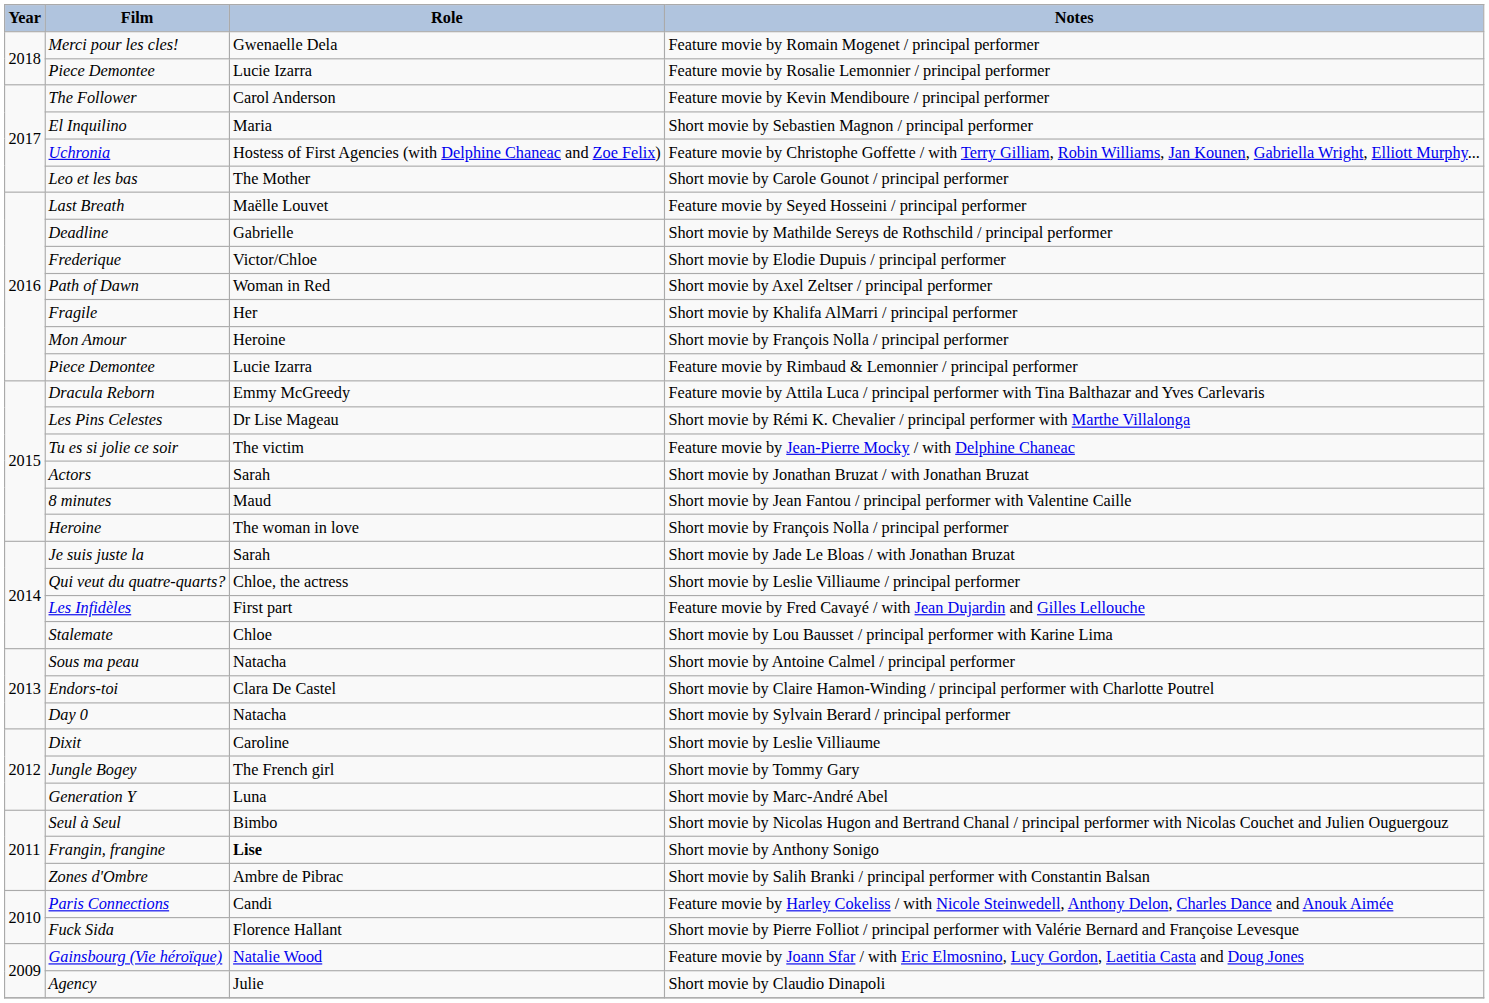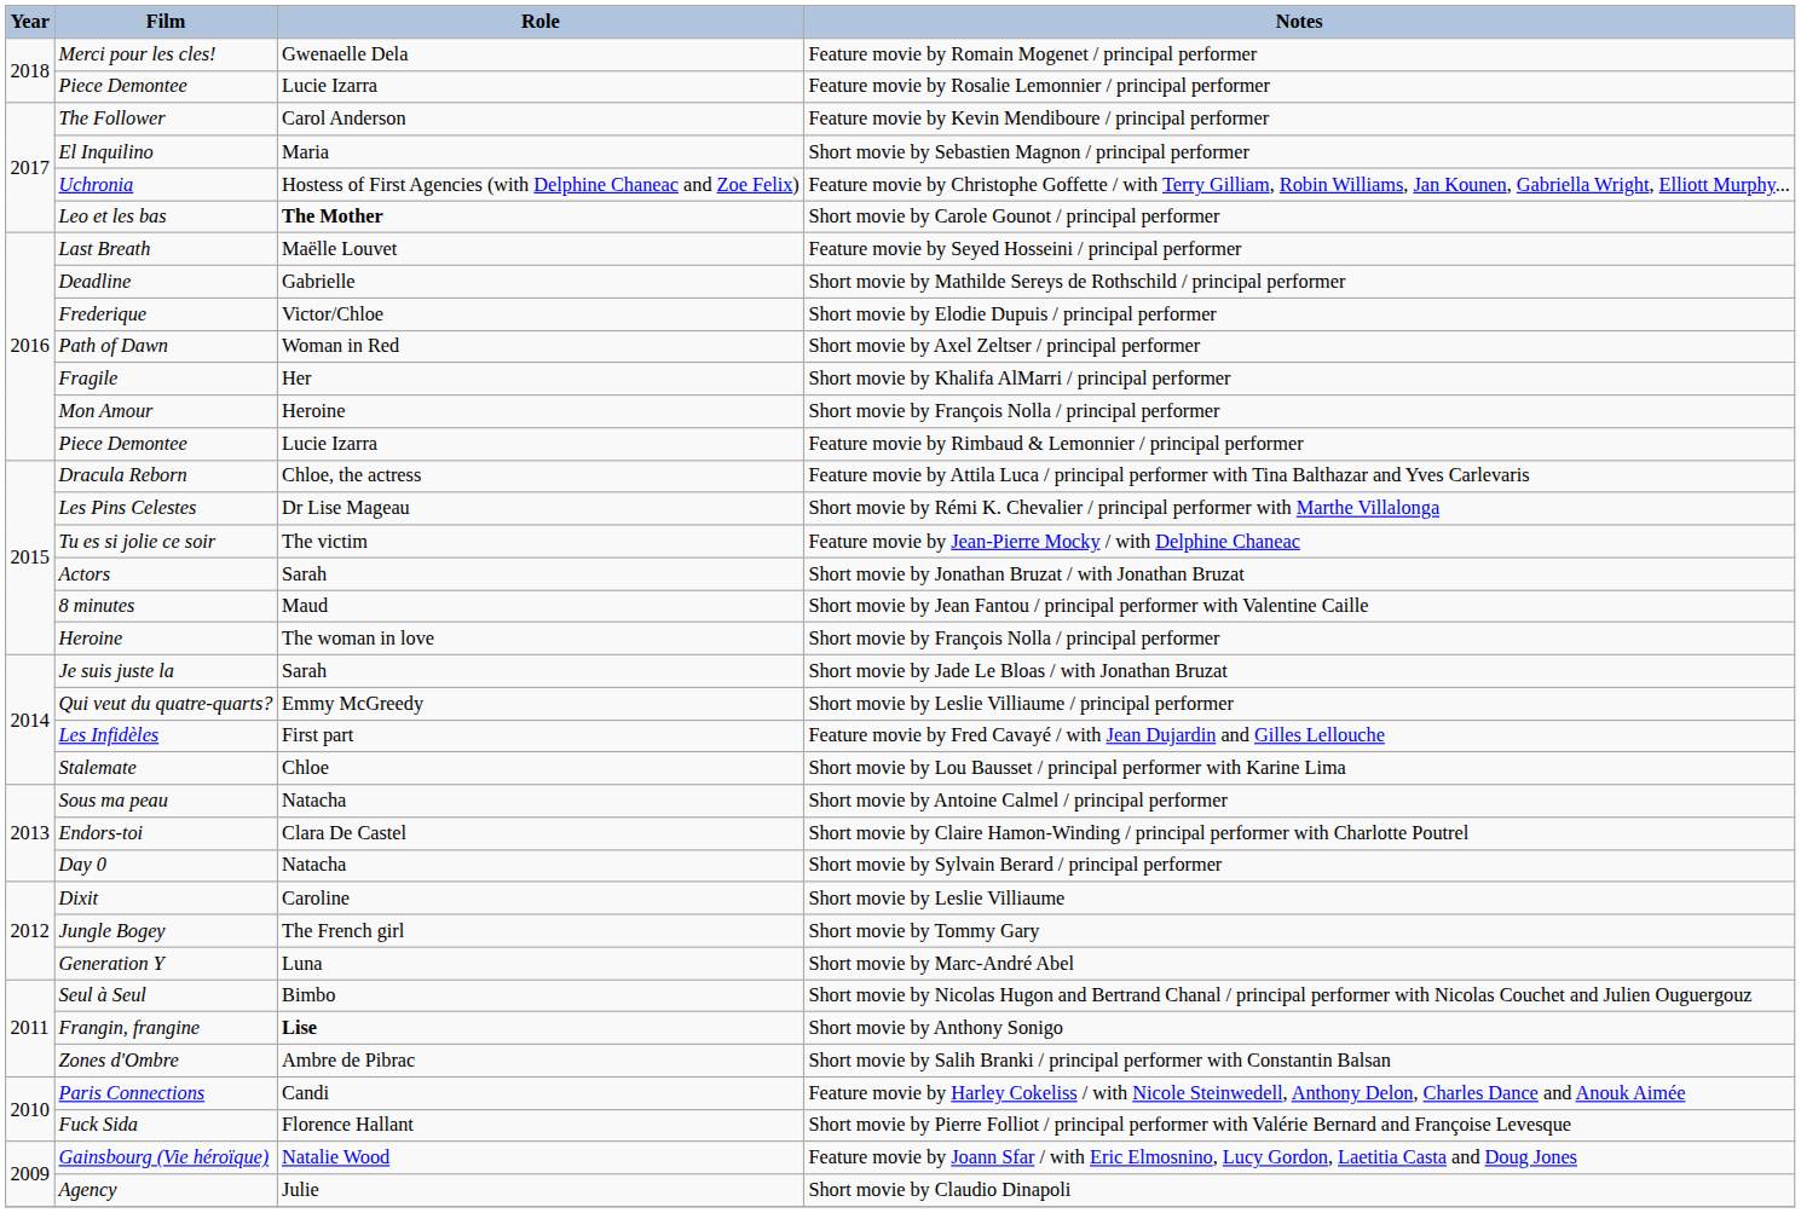 <table class="wikitable" style="font-size:90%;">
 <tr>
 <th style="background:#B0C4DE;">Year</th>
 <th style="background:#B0C4DE;">Film</th>
 <th style="background:#B0C4DE;">Role</th>
 <th style="background:#B0C4DE;">Notes</th>
 </tr>
 <tr>
 <td rowspan=2>2018</td>
 <td><em>Merci pour les cles!</em></td>
 <td>Gwenaelle Dela</td>
 <td>Feature movie by Romain Mogenet / principal performer</td>
 </tr>
 <tr>
 <td><em>Piece Demontee</em></td>
 <td>Lucie Izarra</td>
 <td>Feature movie by Rosalie Lemonnier / principal performer</td>
 </tr>
 <tr>
 <td rowspan=4>2017</td>
 <td><em>The Follower</em></td>
 <td>Carol Anderson</td>
 <td>Feature movie by Kevin Mendiboure / principal performer</td>
 </tr>
 <tr>
 <td><em>El Inquilino</em></td>
 <td>Maria</td>
 <td>Short movie by Sebastien Magnon / principal performer</td>
 </tr>
 <tr>
 <td><em><a href='#'>Uchronia</a></em></td>
 <td>Hostess of First Agencies (with <a href='#'>Delphine Chaneac</a> and <a href='#'>Zoe Felix</a>)</td>
 <td>Feature movie by Christophe Goffette / with <a href='#'>Terry Gilliam</a>, <a href='#'>Robin Williams</a>, <a href='#'>Jan Kounen</a>, <a href='#'>Gabriella Wright</a>, <a href='#'>Elliott Murphy</a>...</td>
 </tr>
 <tr>
 <td><em>Leo et les bas</em></td>
-<td>The Mother</td>
+<td><strong>The Mother</strong></td>
 <td>Short movie by Carole Gounot / principal performer</td>
 </tr>
 <tr>
 <td rowspan=7>2016</td>
 <td><em>Last Breath</em></td>
 <td>Maëlle Louvet</td>
 <td>Feature movie by Seyed Hosseini / principal performer</td>
 </tr>
 <tr>
 <td><em>Deadline</em></td>
 <td>Gabrielle</td>
 <td>Short movie by Mathilde Sereys de Rothschild / principal performer</td>
 </tr>
 <tr>
 <td><em>Frederique</em></td>
 <td>Victor/Chloe</td>
 <td>Short movie by Elodie Dupuis / principal performer</td>
 </tr>
 <tr>
 <td><em>Path of Dawn</em></td>
 <td>Woman in Red</td>
 <td>Short movie by Axel Zeltser / principal performer</td>
 </tr>
 <tr>
 <td><em>Fragile</em></td>
 <td>Her</td>
 <td>Short movie by Khalifa AlMarri / principal performer</td>
 </tr>
 <tr>
 <td><em>Mon Amour</em></td>
 <td>Heroine</td>
 <td>Short movie by François Nolla / principal performer</td>
 </tr>
 <tr>
 <td><em>Piece Demontee</em></td>
 <td>Lucie Izarra</td>
 <td>Feature movie by Rimbaud & Lemonnier / principal performer</td>
 </tr>
 <tr>
 <td rowspan=6>2015</td>
 <td><em>Dracula Reborn</em></td>
-<td>Emmy McGreedy</td>
+<td>Chloe, the actress</td>
 <td>Feature movie by Attila Luca / principal performer with Tina Balthazar and Yves Carlevaris</td>
 </tr>
 <tr>
 <td><em>Les Pins Celestes</em></td>
 <td>Dr Lise Mageau</td>
 <td>Short movie by Rémi K. Chevalier / principal performer with <a href='#'>Marthe Villalonga</a></td>
 </tr>
 <tr>
 <td><em>Tu es si jolie ce soir</em></td>
 <td>The victim</td>
 <td>Feature movie by <a href='#'>Jean-Pierre Mocky</a> / with <a href='#'>Delphine Chaneac</a></td>
 </tr>
 <tr>
 <td><em>Actors</em></td>
 <td>Sarah</td>
 <td>Short movie by Jonathan Bruzat / with Jonathan Bruzat</td>
 </tr>
 <tr>
 <td><em>8 minutes</em></td>
 <td>Maud</td>
 <td>Short movie by Jean Fantou / principal performer with Valentine Caille</td>
 </tr>
 <tr>
 <td><em>Heroine</em></td>
 <td>The woman in love</td>
 <td>Short movie by François Nolla / principal performer</td>
 </tr>
 <tr>
 <td rowspan=4>2014</td>
 <td><em>Je suis juste la</em></td>
 <td>Sarah</td>
 <td>Short movie by Jade Le Bloas / with Jonathan Bruzat</td>
 </tr>
 <tr>
 <td><em>Qui veut du quatre-quarts?</em></td>
-<td>Chloe, the actress</td>
+<td>Emmy McGreedy</td>
 <td>Short movie by Leslie Villiaume / principal performer</td>
 </tr>
 <tr>
 <td><em><a href='#'>Les Infidèles</a></em></td>
 <td>First part</td>
 <td>Feature movie by Fred Cavayé / with <a href='#'>Jean Dujardin</a> and <a href='#'>Gilles Lellouche</a></td>
 </tr>
 <tr>
 <td><em>Stalemate</em></td>
 <td>Chloe</td>
 <td>Short movie by Lou Bausset / principal performer with Karine Lima</td>
 </tr>
 <tr>
 <td rowspan=3>2013</td>
 <td><em>Sous ma peau</em></td>
 <td>Natacha</td>
 <td>Short movie by Antoine Calmel / principal performer</td>
 </tr>
 <tr>
 <td><em>Endors-toi</em></td>
 <td>Clara De Castel</td>
 <td>Short movie by Claire Hamon-Winding / principal performer with Charlotte Poutrel</td>
 </tr>
 <tr>
 <td><em>Day 0</em></td>
 <td>Natacha</td>
 <td>Short movie by Sylvain Berard / principal performer</td>
 </tr>
 <tr>
 <td rowspan=3>2012</td>
 <td><em>Dixit</em></td>
 <td>Caroline</td>
 <td>Short movie by Leslie Villiaume</td>
 </tr>
 <tr>
 <td><em>Jungle Bogey</em></td>
 <td>The French girl</td>
 <td>Short movie by Tommy Gary</td>
 </tr>
 <tr>
 <td><em>Generation Y</em></td>
 <td>Luna</td>
 <td>Short movie by Marc-André Abel</td>
 </tr>
 <tr>
 <td rowspan=3>2011</td>
 <td><em>Seul à Seul</em></td>
 <td>Bimbo</td>
 <td>Short movie by Nicolas Hugon and Bertrand Chanal / principal performer with Nicolas Couchet and Julien Ouguergouz</td>
 </tr>
 <tr>
 <td><em>Frangin, frangine</em></td>
 <td><strong>Lise</strong></td>
 <td>Short movie by Anthony Sonigo</td>
 </tr>
 <tr>
 <td><em>Zones d'Ombre</em></td>
 <td>Ambre de Pibrac</td>
 <td>Short movie by Salih Branki / principal performer with Constantin Balsan</td>
 </tr>
 <tr>
 <td rowspan=2>2010</td>
 <td><em><a href='#'>Paris Connections</a></em></td>
 <td>Candi</td>
 <td>Feature movie by <a href='#'>Harley Cokeliss</a> / with <a href='#'>Nicole Steinwedell</a>, <a href='#'>Anthony Delon</a>, <a href='#'>Charles Dance</a> and <a href='#'>Anouk Aimée</a></td>
 </tr>
 <tr>
 <td><em>Fuck Sida</em></td>
 <td>Florence Hallant</td>
 <td>Short movie by Pierre Folliot / principal performer with Valérie Bernard and Françoise Levesque</td>
 </tr>
 <tr>
 <td rowspan=2>2009</td>
 <td><em><a href='#'>Gainsbourg (Vie héroïque)</a></em></td>
 <td><a href='#'>Natalie Wood</a></td>
 <td>Feature movie by <a href='#'>Joann Sfar</a> / with <a href='#'>Eric Elmosnino</a>, <a href='#'>Lucy Gordon</a>, <a href='#'>Laetitia Casta</a> and <a href='#'>Doug Jones</a></td>
 </tr>
 <tr>
 <td><em>Agency</em></td>
 <td>Julie</td>
 <td>Short movie by Claudio Dinapoli</td>
 </tr>
 <tr>
 </tr>
 </table>
